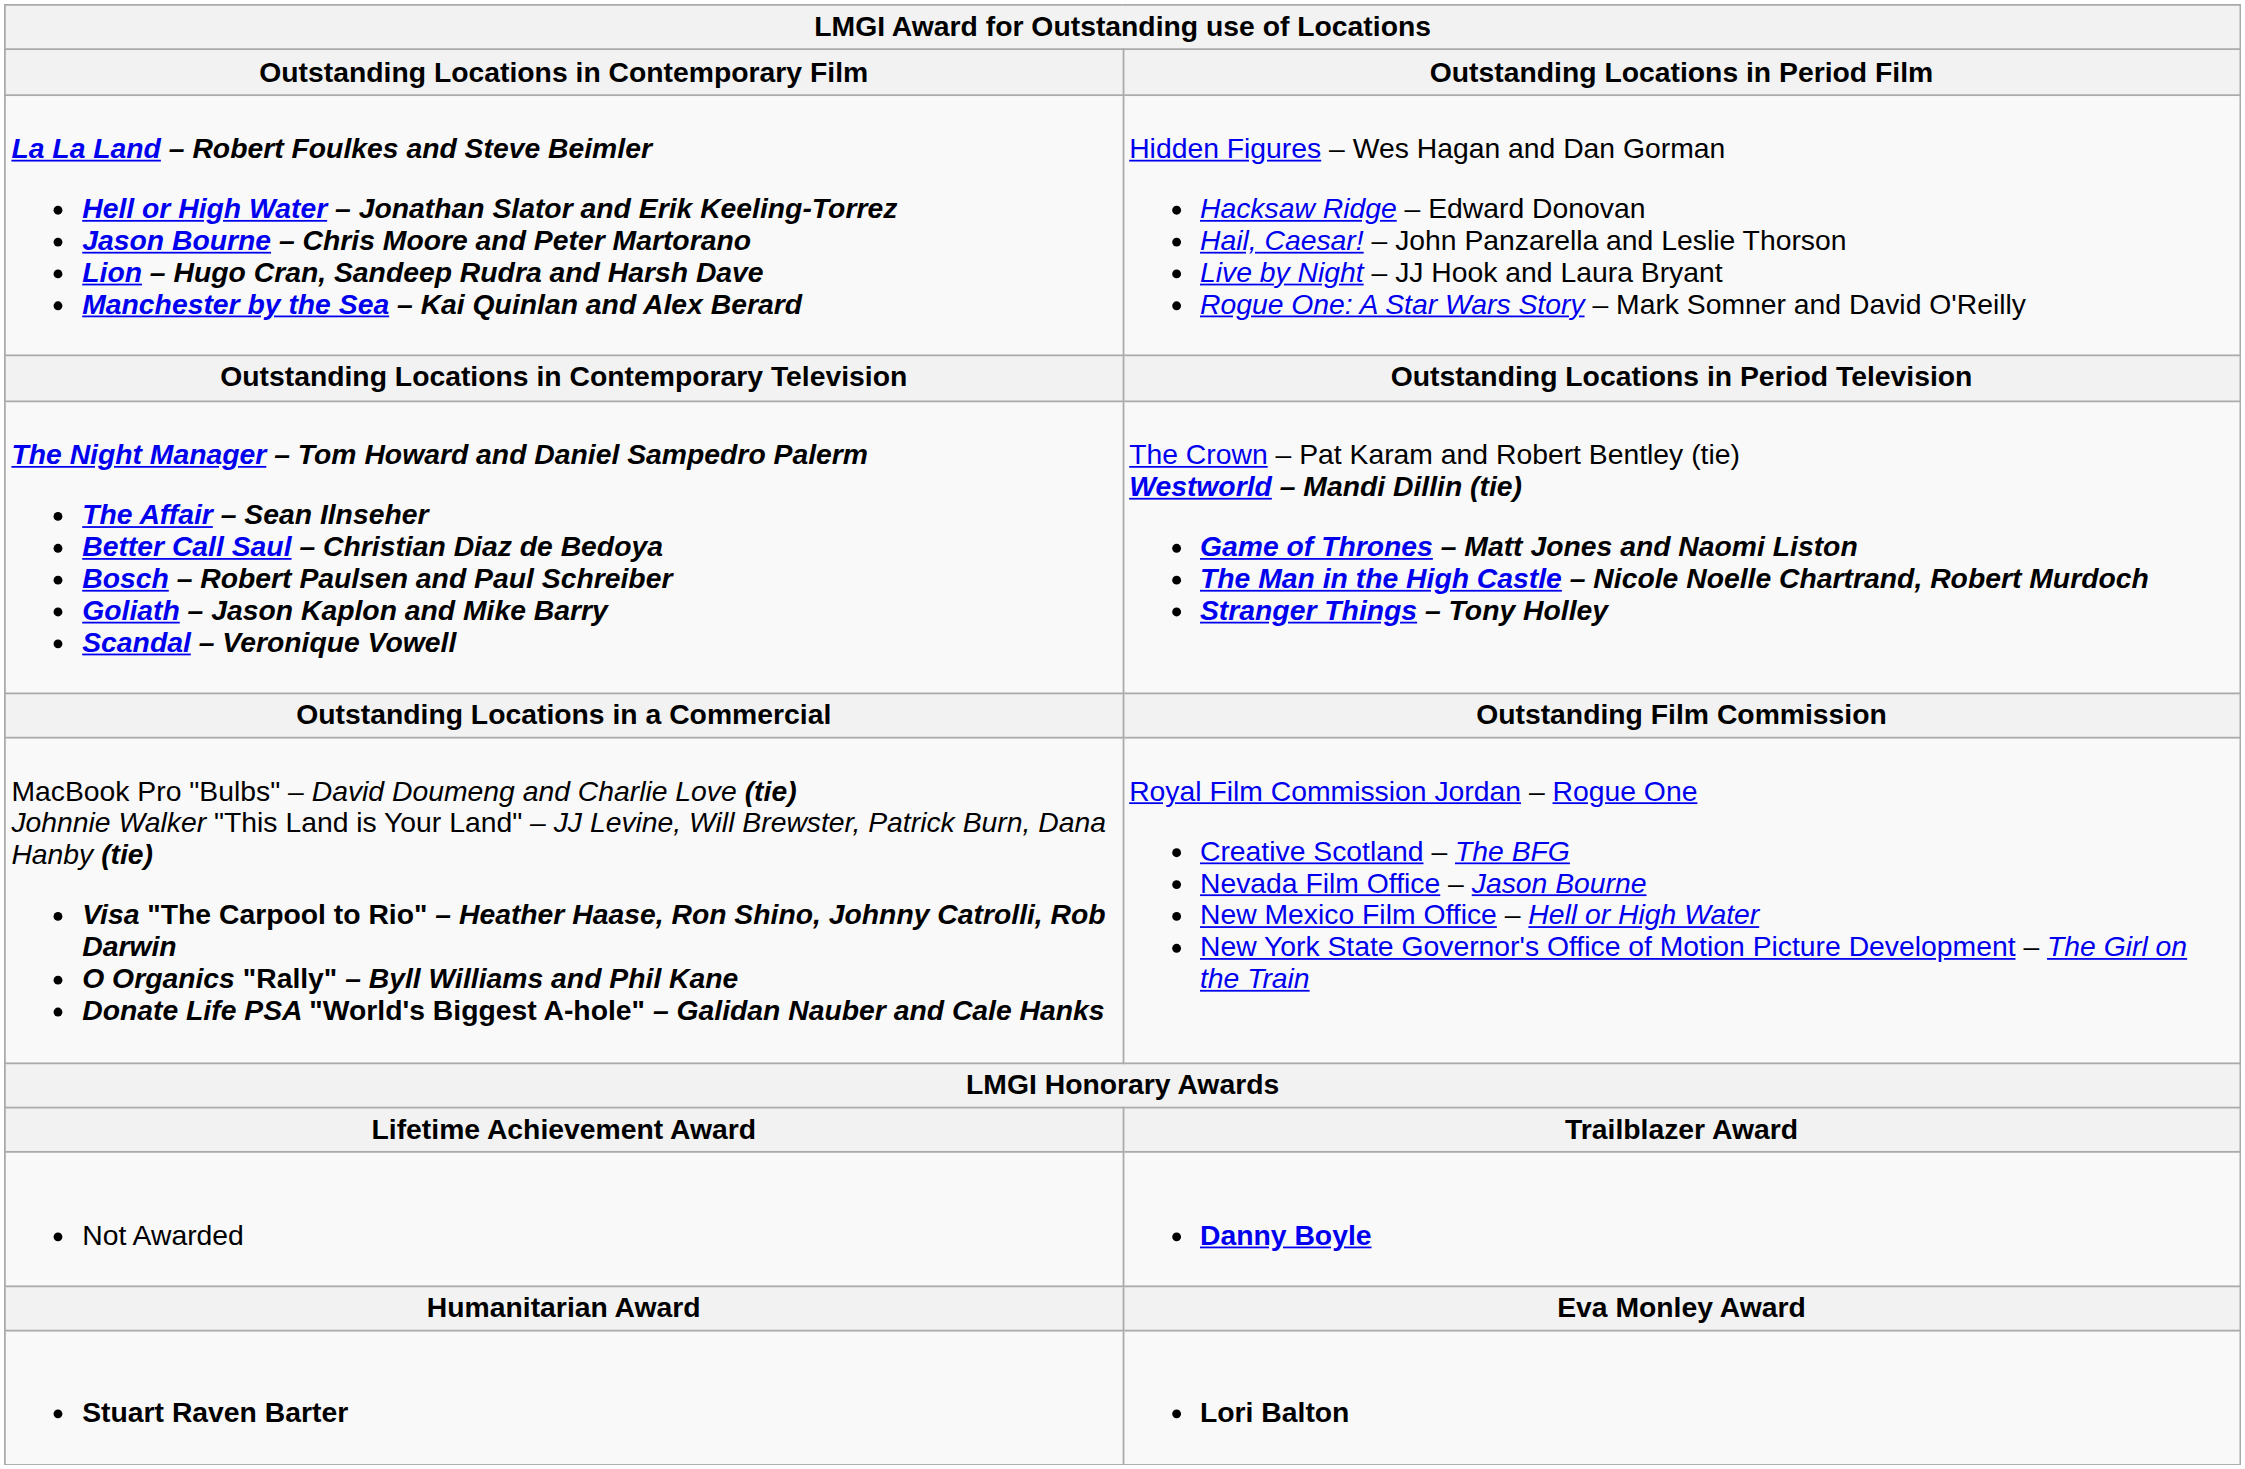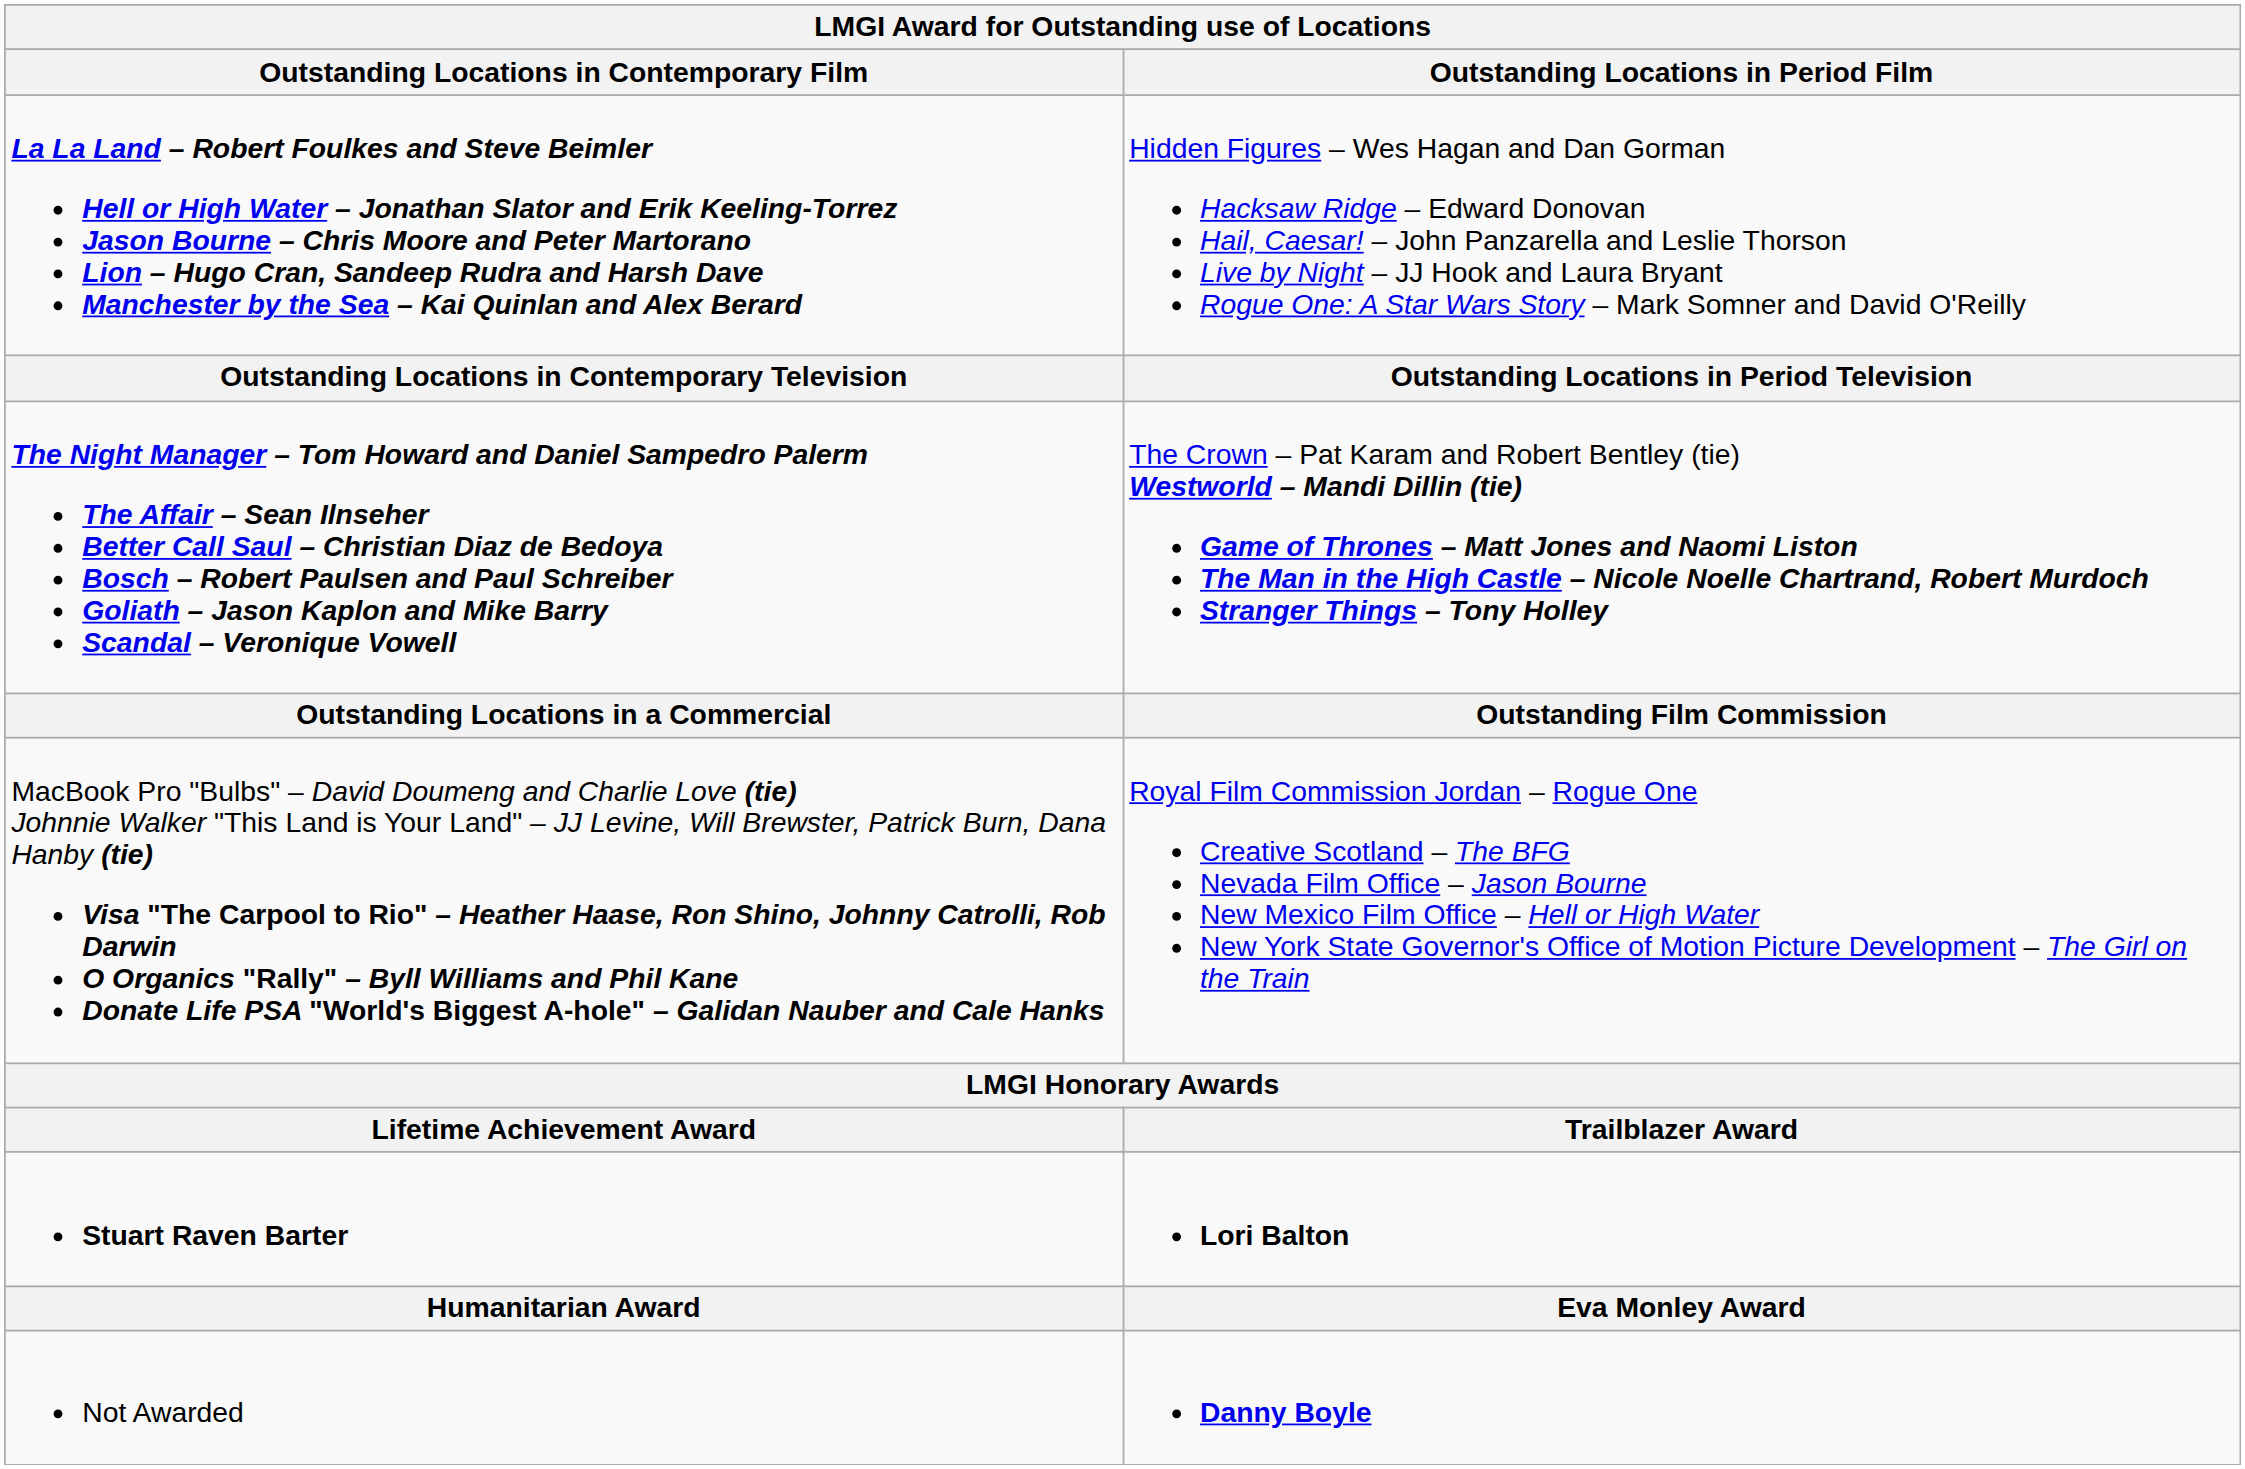 <table class=wikitable width="100%">
 <tr>
 <th colspan="2">LMGI Award for Outstanding use of Locations</th>
 </tr>
 <tr>
 <th width="50%">Outstanding Locations in Contemporary Film</th>
 <th width="50%">Outstanding Locations in Period Film</th>
 </tr>
 <tr>
 <td valign="top"><br><strong><em><a href='#'>La La Land</a><em> – Robert Foulkes and Steve Beimler<strong><ul><li></em><a href='#'>Hell or High Water</a><em> – Jonathan Slator and Erik Keeling-Torrez</li><li></em><a href='#'>Jason Bourne</a><em> – Chris Moore and Peter Martorano</li><li></em><a href='#'>Lion</a><em> – Hugo Cran, Sandeep Rudra and Harsh Dave</li><li></em><a href='#'>Manchester by the Sea</a><em> – Kai Quinlan and Alex Berard</li></ul></td>
 <td valign="top"><br></em></strong><a href='#'>Hidden Figures</a></em> – Wes Hagan and Dan Gorman</strong><ul><li><em><a href='#'>Hacksaw Ridge</a></em> – Edward Donovan</li><li><em><a href='#'>Hail, Caesar!</a></em> – John Panzarella and Leslie Thorson</li><li><em><a href='#'>Live by Night</a></em> – JJ Hook and Laura Bryant</li><li><em><a href='#'>Rogue One: A Star Wars Story</a></em> – Mark Somner and David O'Reilly</li></ul></td>
 </tr>
 <tr>
 <th>Outstanding Locations in Contemporary Television</th>
 <th>Outstanding Locations in Period Television</th>
 </tr>
 <tr>
 <td valign="top"><br><strong><em><a href='#'>The Night Manager</a><em> – Tom Howard and Daniel Sampedro Palerm<strong><ul><li></em><a href='#'>The Affair</a><em> – Sean Ilnseher</li><li></em><a href='#'>Better Call Saul</a><em> – Christian Diaz de Bedoya</li><li></em><a href='#'>Bosch</a><em> – Robert Paulsen and Paul Schreiber</li><li></em><a href='#'>Goliath</a><em> – Jason Kaplon and Mike Barry</li><li></em><a href='#'>Scandal</a><em> – Veronique Vowell</li></ul></td>
 <td valign="top"><br></em></strong><a href='#'>The Crown</a></em> – Pat Karam and Robert Bentley</strong> (tie) <br> <strong><em><a href='#'>Westworld</a><em> – Mandi Dillin<strong> (tie)<ul><li></em><a href='#'>Game of Thrones</a><em> – Matt Jones and Naomi Liston</li><li></em><a href='#'>The Man in the High Castle</a><em> – Nicole Noelle Chartrand, Robert Murdoch</li><li></em><a href='#'>Stranger Things</a><em> – Tony Holley</li></ul></td>
 </tr>
 <tr>
 <th>Outstanding Locations in a Commercial</th>
 <th>Outstanding Film Commission</th>
 </tr>
 <tr>
 <td valign="top"><br></strong>MacBook Pro </em>"Bulbs"<em> – David Doumeng and Charlie Love<strong> (tie) <br> </strong>Johnnie Walker </em>"This Land is Your Land"<em> – JJ Levine, Will Brewster, Patrick Burn, Dana Hanby<strong> (tie)<ul><li>Visa </em>"The Carpool to Rio"<em> – Heather Haase, Ron Shino, Johnny Catrolli, Rob Darwin</li><li>O Organics </em>"Rally"<em> – Byll Williams and Phil Kane</li><li>Donate Life PSA </em>"World's Biggest A-hole"<em> – Galidan Nauber and Cale Hanks</li></ul></td>
 <td valign="top"><br></strong><a href='#'>Royal Film Commission Jordan</a> – </em><a href='#'>Rogue One</a></em></strong><ul><li><a href='#'>Creative Scotland</a> – <em><a href='#'>The BFG</a></em></li><li><a href='#'>Nevada Film Office</a> – <em><a href='#'>Jason Bourne</a></em></li><li><a href='#'>New Mexico Film Office</a> – <em><a href='#'>Hell or High Water</a></em></li><li><a href='#'>New York State Governor's Office of Motion Picture Development</a> – <em><a href='#'>The Girl on the Train</a></em></li></ul></td>
 </tr>
 <tr>
 <th colspan="2">LMGI Honorary Awards</th>
 </tr>
 <tr>
 <th>Lifetime Achievement Award</th>
 <th>Trailblazer Award</th>
 </tr>
 <tr>
-<td valign="top"><br><ul><li>Not Awarded</li></ul></td>
-<td valign="top"><br><ul><li><strong><a href='#'>Danny Boyle</a></strong></li></ul></td>
+<td valign="top"><br><ul><li><strong>Stuart Raven Barter</strong></li></ul></td>
+<td valign="top"><br><ul><li><strong>Lori Balton</strong></li></ul></td>
 </tr>
 <tr>
 <th>Humanitarian Award</th>
 <th>Eva Monley Award</th>
 </tr>
 <tr>
-<td valign="top"><br><ul><li><strong>Stuart Raven Barter</strong></li></ul></td>
-<td valign="top"><br><ul><li><strong>Lori Balton</strong></li></ul></td>
+<td valign="top"><br><ul><li>Not Awarded</li></ul></td>
+<td valign="top"><br><ul><li><strong><a href='#'>Danny Boyle</a></strong></li></ul></td>
 </tr>
 <tr>
 </tr>
 </table>
